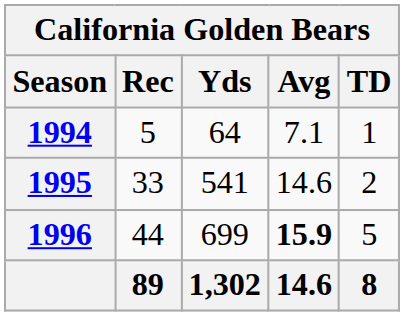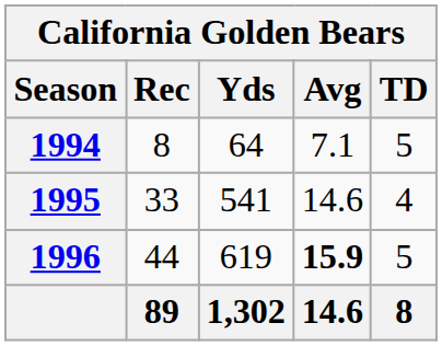 <table class="wikitable" style="text-align:center;">
 <tr>
 <th colspan=6>California Golden Bears</th>
 </tr>
 <tr>
 <th>Season</th>
 <th>Rec</th>
 <th>Yds</th>
 <th>Avg</th>
 <th>TD</th>
 </tr>
 <tr>
 <th><a href='#'>1994</a></th>
-<td>5</td>
+<td>8</td>
 <td>64</td>
 <td>7.1</td>
-<td>1</td>
+<td>5</td>
 </tr>
 <tr>
 <th><a href='#'>1995</a></th>
 <td>33</td>
 <td>541</td>
 <td>14.6</td>
-<td>2</td>
+<td>4</td>
 </tr>
 <tr>
 <th><a href='#'>1996</a></th>
 <td>44</td>
-<td>699</td>
+<td>619</td>
 <td><strong>15.9</strong></td>
 <td>5</td>
 </tr>
 <tr>
 <th></th>
 <th>89</th>
 <th>1,302</th>
 <th>14.6</th>
 <th>8</th>
 </tr>
 </table>
